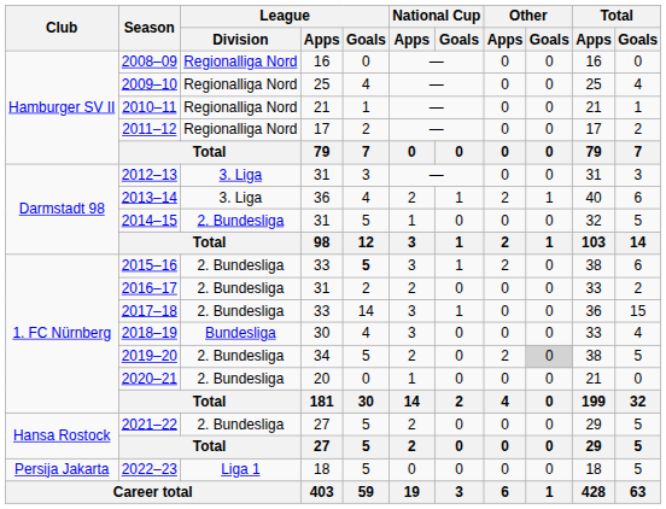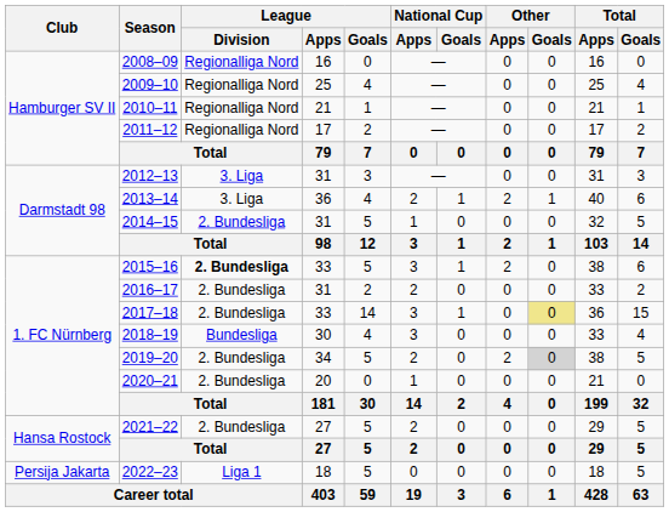 <table class="wikitable" style="text-align: center">
 <tr>
 <th rowspan="2">Club</th>
 <th rowspan="2">Season</th>
 <th colspan="3">League</th>
 <th colspan="2">National Cup</th>
 <th colspan="2">Other</th>
 <th colspan="2">Total</th>
 </tr>
 <tr>
 <th>Division</th>
 <th>Apps</th>
 <th>Goals</th>
 <th>Apps</th>
 <th>Goals</th>
 <th>Apps</th>
 <th>Goals</th>
 <th>Apps</th>
 <th>Goals</th>
 </tr>
 <tr>
 <td rowspan="5"><a href='#'>Hamburger SV II</a></td>
 <td><a href='#'>2008–09</a></td>
 <td><a href='#'>Regionalliga Nord</a></td>
 <td>16</td>
 <td>0</td>
 <td colspan="2">—</td>
 <td>0</td>
 <td>0</td>
 <td>16</td>
 <td>0</td>
 </tr>
 <tr>
 <td><a href='#'>2009–10</a></td>
 <td>Regionalliga Nord</td>
 <td>25</td>
 <td>4</td>
 <td colspan="2">—</td>
 <td>0</td>
 <td>0</td>
 <td>25</td>
 <td>4</td>
 </tr>
 <tr>
 <td><a href='#'>2010–11</a></td>
 <td>Regionalliga Nord</td>
 <td>21</td>
 <td>1</td>
 <td colspan="2">—</td>
 <td>0</td>
 <td>0</td>
 <td>21</td>
 <td>1</td>
 </tr>
 <tr>
 <td><a href='#'>2011–12</a></td>
 <td>Regionalliga Nord</td>
 <td>17</td>
 <td>2</td>
 <td colspan="2">—</td>
 <td>0</td>
 <td>0</td>
 <td>17</td>
 <td>2</td>
 </tr>
 <tr>
 <th colspan="2">Total</th>
 <th>79</th>
 <th>7</th>
 <th>0</th>
 <th>0</th>
 <th>0</th>
 <th>0</th>
 <th>79</th>
 <th>7</th>
 </tr>
 <tr>
 <td rowspan="4"><a href='#'>Darmstadt 98</a></td>
 <td><a href='#'>2012–13</a></td>
 <td><a href='#'>3. Liga</a></td>
 <td>31</td>
 <td>3</td>
 <td colspan="2">—</td>
 <td>0</td>
 <td>0</td>
 <td>31</td>
 <td>3</td>
 </tr>
 <tr>
 <td><a href='#'>2013–14</a></td>
 <td>3. Liga</td>
 <td>36</td>
 <td>4</td>
 <td>2</td>
 <td>1</td>
 <td>2</td>
 <td>1</td>
 <td>40</td>
 <td>6</td>
 </tr>
 <tr>
 <td><a href='#'>2014–15</a></td>
 <td><a href='#'>2. Bundesliga</a></td>
 <td>31</td>
 <td>5</td>
 <td>1</td>
 <td>0</td>
 <td>0</td>
 <td>0</td>
 <td>32</td>
 <td>5</td>
 </tr>
 <tr>
 <th colspan="2">Total</th>
 <th>98</th>
 <th>12</th>
 <th>3</th>
 <th>1</th>
 <th>2</th>
 <th>1</th>
 <th>103</th>
 <th>14</th>
 </tr>
 <tr>
 <td rowspan="7"><a href='#'>1. FC Nürnberg</a></td>
 <td><a href='#'>2015–16</a></td>
-<td>2. Bundesliga</td>
+<td><strong>2. Bundesliga</strong></td>
 <td>33</td>
-<td><strong>5</strong></td>
+<td>5</td>
 <td>3</td>
 <td>1</td>
 <td>2</td>
 <td>0</td>
 <td>38</td>
 <td>6</td>
 </tr>
 <tr>
 <td><a href='#'>2016–17</a></td>
 <td>2. Bundesliga</td>
 <td>31</td>
 <td>2</td>
 <td>2</td>
 <td>0</td>
 <td>0</td>
 <td>0</td>
 <td>33</td>
 <td>2</td>
 </tr>
 <tr>
 <td><a href='#'>2017–18</a></td>
 <td>2. Bundesliga</td>
 <td>33</td>
 <td>14</td>
 <td>3</td>
 <td>1</td>
 <td>0</td>
-<td>0</td>
+<td style="background: khaki;">0</td>
 <td>36</td>
 <td>15</td>
 </tr>
 <tr>
 <td><a href='#'>2018–19</a></td>
 <td><a href='#'>Bundesliga</a></td>
 <td>30</td>
 <td>4</td>
 <td>3</td>
 <td>0</td>
 <td>0</td>
 <td>0</td>
 <td>33</td>
 <td>4</td>
 </tr>
 <tr>
 <td><a href='#'>2019–20</a></td>
 <td>2. Bundesliga</td>
 <td>34</td>
 <td>5</td>
 <td>2</td>
 <td>0</td>
 <td>2</td>
 <td style="background: lightgrey;">0</td>
 <td>38</td>
 <td>5</td>
 </tr>
 <tr>
 <td><a href='#'>2020–21</a></td>
 <td>2. Bundesliga</td>
 <td>20</td>
 <td>0</td>
 <td>1</td>
 <td>0</td>
 <td>0</td>
 <td>0</td>
 <td>21</td>
 <td>0</td>
 </tr>
 <tr>
 <th colspan="2">Total</th>
 <th>181</th>
 <th>30</th>
 <th>14</th>
 <th>2</th>
 <th>4</th>
 <th>0</th>
 <th>199</th>
 <th>32</th>
 </tr>
 <tr>
 <td rowspan="2"><a href='#'>Hansa Rostock</a></td>
 <td><a href='#'>2021–22</a></td>
 <td>2. Bundesliga</td>
 <td>27</td>
 <td>5</td>
 <td>2</td>
 <td>0</td>
 <td>0</td>
 <td>0</td>
 <td>29</td>
 <td>5</td>
 </tr>
 <tr>
 <th colspan="2">Total</th>
 <th>27</th>
 <th>5</th>
 <th>2</th>
 <th>0</th>
 <th>0</th>
 <th>0</th>
 <th>29</th>
 <th>5</th>
 </tr>
 <tr>
 <td><a href='#'>Persija Jakarta</a></td>
 <td><a href='#'>2022–23</a></td>
 <td><a href='#'>Liga 1</a></td>
 <td>18</td>
 <td>5</td>
 <td>0</td>
 <td>0</td>
 <td>0</td>
 <td>0</td>
 <td>18</td>
 <td>5</td>
 </tr>
 <tr>
 <th colspan="3">Career total</th>
 <th>403</th>
 <th>59</th>
 <th>19</th>
 <th>3</th>
 <th>6</th>
 <th>1</th>
 <th>428</th>
 <th>63</th>
 </tr>
 </table>
